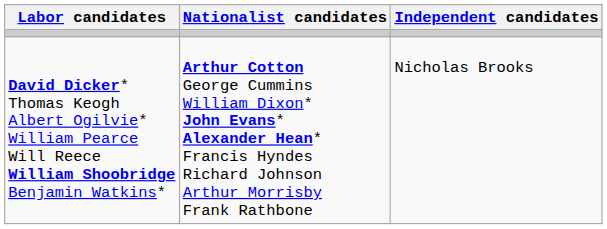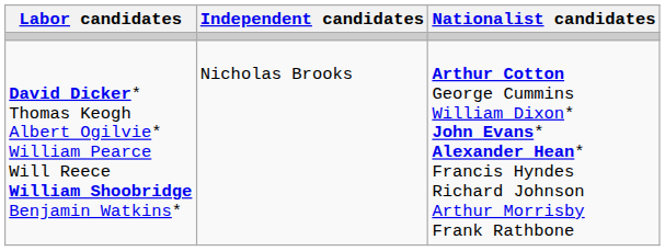 <table class="wikitable">
 <tr>
 <th><a href='#'>Labor</a> candidates</th>
+<th><a href='#'>Independent</a> candidates</th>
 <th><a href='#'>Nationalist</a> candidates</th>
-<th><a href='#'>Independent</a> candidates</th>
 </tr>
 <tr bgcolor="#cccccc">
 <td></td>
 <td></td>
 <td></td>
 </tr>
 <tr>
 <td><br><strong><a href='#'>David Dicker</a></strong>*<br> Thomas Keogh<br> <a href='#'>Albert Ogilvie</a>*<br> <a href='#'>William Pearce</a><br> Will Reece<br> <strong><a href='#'>William Shoobridge</a></strong><br> <a href='#'>Benjamin Watkins</a>*</td>
+<td valign=top><br>Nicholas Brooks</td>
 <td><br><strong><a href='#'>Arthur Cotton</a></strong><br> George Cummins<br> <a href='#'>William Dixon</a>*<br> <strong><a href='#'>John Evans</a></strong>*<br> <strong><a href='#'>Alexander Hean</a></strong>*<br> Francis Hyndes<br> Richard Johnson<br> <a href='#'>Arthur Morrisby</a><br> Frank Rathbone</td>
-<td valign=top><br>Nicholas Brooks</td>
 </tr>
 </table>
